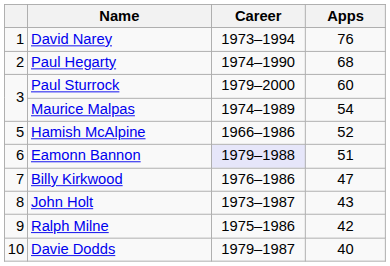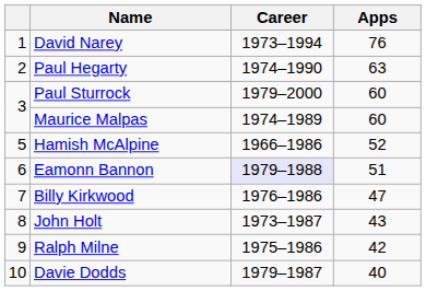 <table class="wikitable" style="text-align: center;">
 <tr>
 <th></th>
 <th style="width: 12em;">Name</th>
 <th style="width: 5em;">     Career     </th>
 <th style="width: 5em;">Apps</th>
 </tr>
 <tr>
 <td style="text-align:right;">1</td>
 <td style="text-align:left;"> <a href='#'>David Narey</a></td>
 <td>1973–1994</td>
 <td>76</td>
 </tr>
 <tr>
 <td style="text-align:right;">2</td>
 <td style="text-align:left;"> <a href='#'>Paul Hegarty</a></td>
 <td>1974–1990</td>
-<td>68</td>
+<td>63</td>
 </tr>
 <tr>
 <td style="text-align:right;" rowspan="2">3</td>
 <td style="text-align:left;"> <a href='#'>Paul Sturrock</a></td>
 <td>1979–2000</td>
 <td>60</td>
 </tr>
 <tr>
 <td style="text-align:left;"> <a href='#'>Maurice Malpas</a></td>
 <td>1974–1989</td>
-<td>54</td>
+<td>60</td>
 </tr>
 <tr>
 <td style="text-align:right;">5</td>
 <td style="text-align:left;"> <a href='#'>Hamish McAlpine</a></td>
 <td>1966–1986</td>
 <td>52</td>
 </tr>
 <tr>
 <td style="text-align:right;">6</td>
 <td style="text-align:left;"> <a href='#'>Eamonn Bannon</a></td>
 <td style="background: lavender;">1979–1988</td>
 <td>51</td>
 </tr>
 <tr>
 <td style="text-align:right;">7</td>
 <td style="text-align:left;"> <a href='#'>Billy Kirkwood</a></td>
 <td>1976–1986</td>
 <td>47</td>
 </tr>
 <tr>
 <td style="text-align:right;">8</td>
 <td style="text-align:left;"> <a href='#'>John Holt</a></td>
 <td>1973–1987</td>
 <td>43</td>
 </tr>
 <tr>
 <td style="text-align:right;">9</td>
 <td style="text-align:left;"> <a href='#'>Ralph Milne</a></td>
 <td>1975–1986</td>
 <td>42</td>
 </tr>
 <tr>
 <td style="text-align:right;">10</td>
 <td style="text-align:left;"> <a href='#'>Davie Dodds</a></td>
 <td>1979–1987</td>
 <td>40</td>
 </tr>
 </table>
